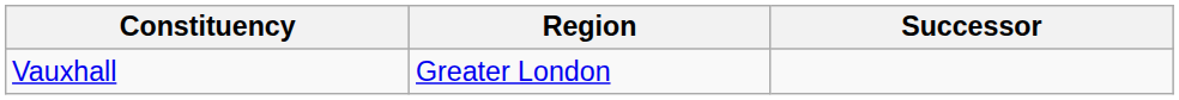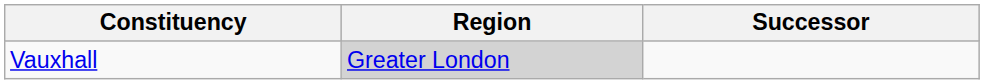 <table class="wikitable">
 <tr>
 <th width="225px">Constituency</th>
 <th width="200px">Region</th>
 <th width="225px">Successor</th>
 </tr>
 <tr>
 <td><a href='#'>Vauxhall</a></td>
-<td><a href='#'>Greater London</a></td>
+<td style="background: lightgrey;"><a href='#'>Greater London</a></td>
 </tr>
 </table>
